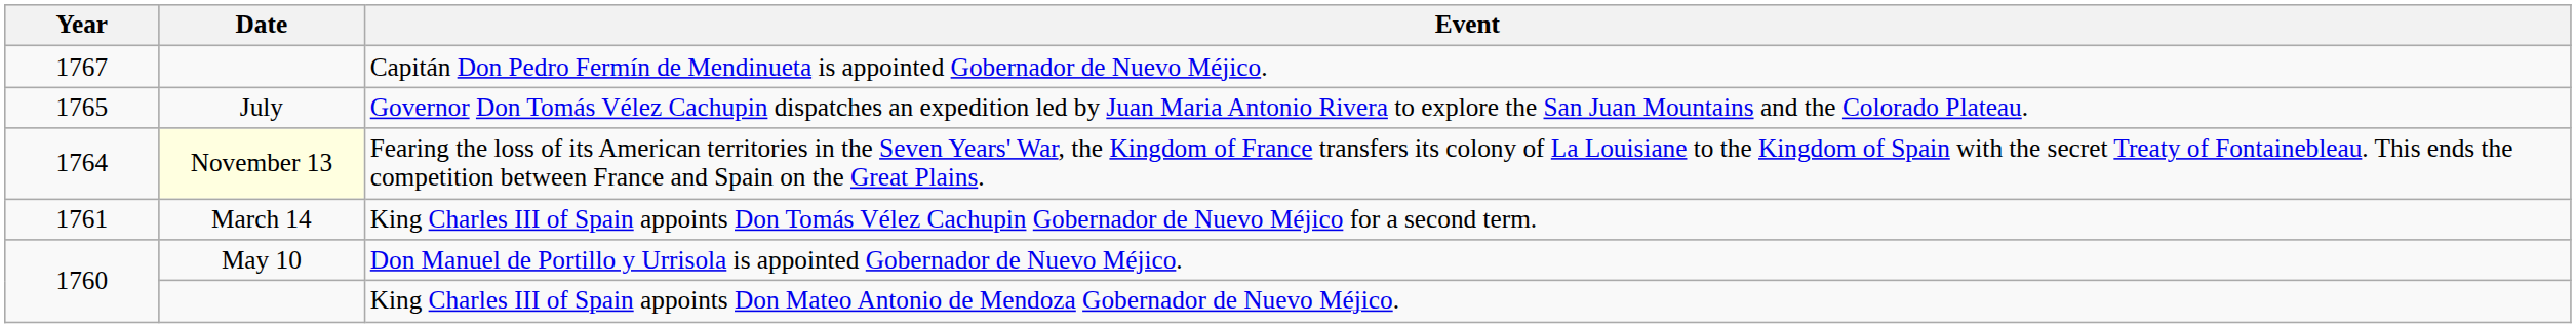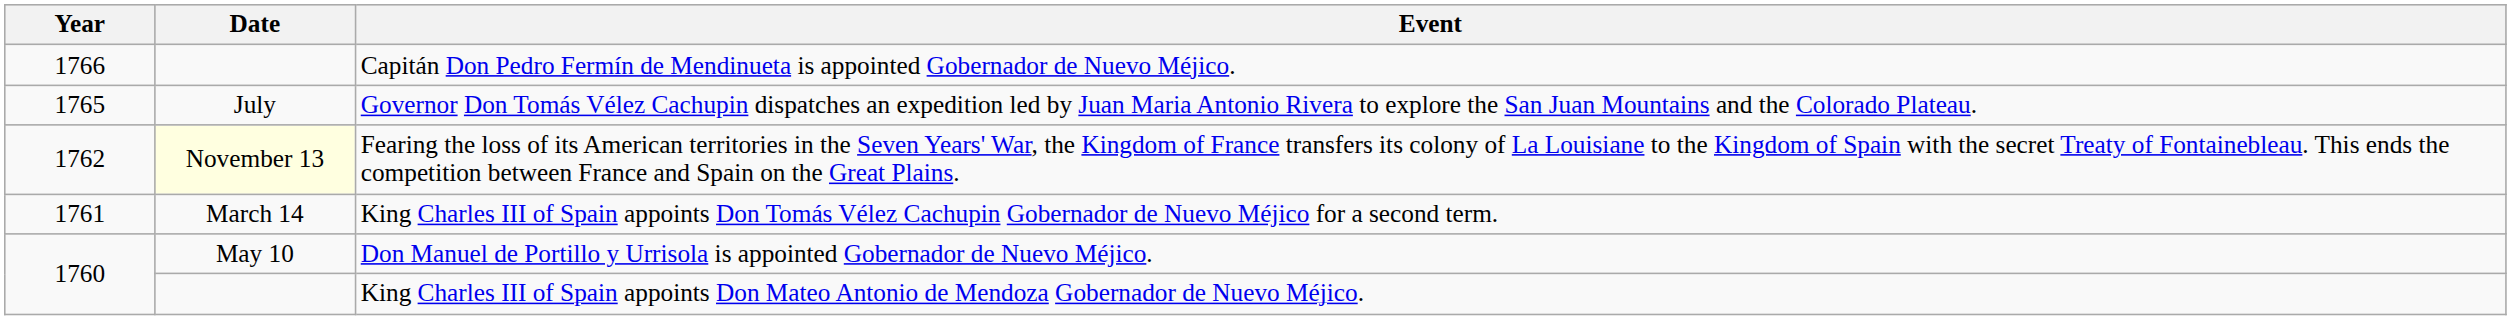 <table class="wikitable" style="width:100%;">
 <tr>
 <th style="width:6%">Year</th>
 <th style="width:8%">Date</th>
 <th style="width:86%">Event</th>
 </tr>
 <tr>
-<td align=center>1767</td>
+<td align=center>1766</td>
 <td align=center> </td>
 <td>Capitán <a href='#'>Don Pedro Fermín de Mendinueta</a> is appointed <a href='#'>Gobernador de Nuevo Méjico</a>.</td>
 </tr>
 <tr>
 <td align=center>1765</td>
 <td align=center>July</td>
 <td><a href='#'>Governor</a> <a href='#'>Don Tomás Vélez Cachupin</a> dispatches an expedition led by <a href='#'>Juan Maria Antonio Rivera</a> to explore the <a href='#'>San Juan Mountains</a> and the <a href='#'>Colorado Plateau</a>.</td>
 </tr>
 <tr>
-<td align=center>1764</td>
+<td align=center>1762</td>
 <td align=center style="background: lightyellow;">November 13</td>
 <td>Fearing the loss of its American territories in the <a href='#'>Seven Years' War</a>, the <a href='#'>Kingdom of France</a> transfers its colony of <a href='#'>La Louisiane</a> to the <a href='#'>Kingdom of Spain</a> with the secret <a href='#'>Treaty of Fontainebleau</a>.  This ends the competition between France and Spain on the <a href='#'>Great Plains</a>.</td>
 </tr>
 <tr>
 <td align=center>1761</td>
 <td align=center>March 14</td>
 <td>King <a href='#'>Charles III of Spain</a> appoints <a href='#'>Don Tomás Vélez Cachupin</a> <a href='#'>Gobernador de Nuevo Méjico</a> for a second term.</td>
 </tr>
 <tr>
 <td align=center rowspan=2>1760</td>
 <td align=center>May 10</td>
 <td><a href='#'>Don Manuel de Portillo y Urrisola</a> is appointed <a href='#'>Gobernador de Nuevo Méjico</a>.</td>
 </tr>
 <tr>
 <td align=center> </td>
 <td>King <a href='#'>Charles III of Spain</a> appoints <a href='#'>Don Mateo Antonio de Mendoza</a> <a href='#'>Gobernador de Nuevo Méjico</a>.</td>
 </tr>
 </table>
